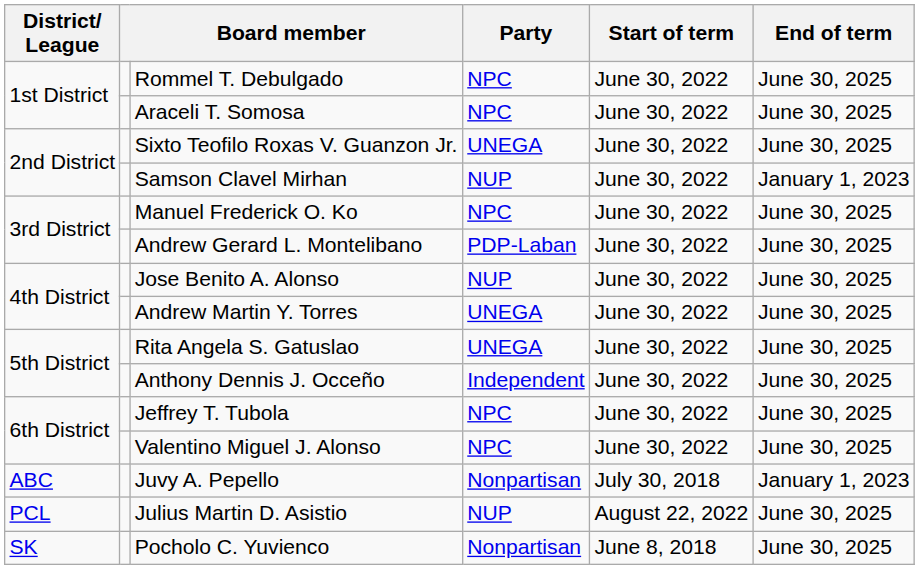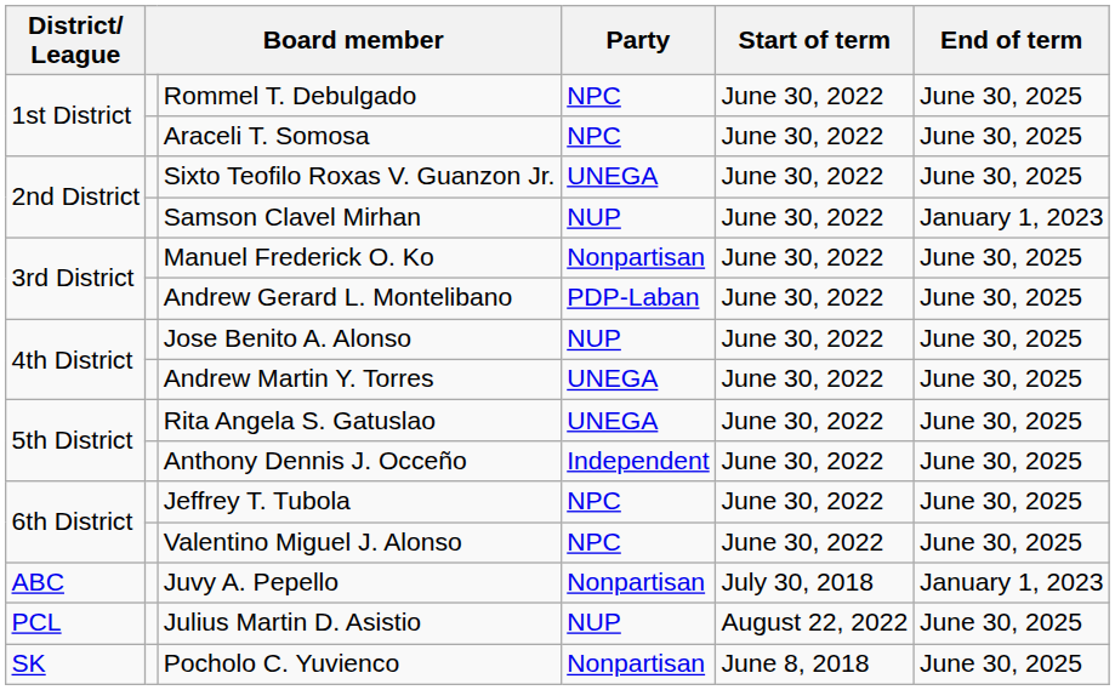 <table class="wikitable">
 <tr>
 <th>District/<br>League</th>
 <th colspan="2">Board member</th>
 <th>Party</th>
 <th>Start of term</th>
 <th>End of term</th>
 </tr>
 <tr>
 <td rowspan="2">1st District</td>
 <td></td>
 <td>Rommel T. Debulgado</td>
 <td><a href='#'>NPC</a></td>
 <td>June 30, 2022</td>
 <td>June 30, 2025</td>
 </tr>
 <tr>
 <td></td>
 <td>Araceli T. Somosa</td>
 <td><a href='#'>NPC</a></td>
 <td>June 30, 2022</td>
 <td>June 30, 2025</td>
 </tr>
 <tr>
 <td rowspan="2">2nd District</td>
 <td></td>
 <td>Sixto Teofilo Roxas V. Guanzon Jr.</td>
 <td><a href='#'>UNEGA</a></td>
 <td>June 30, 2022</td>
 <td>June 30, 2025</td>
 </tr>
 <tr>
 <td></td>
 <td>Samson Clavel Mirhan</td>
 <td><a href='#'>NUP</a></td>
 <td>June 30, 2022</td>
 <td>January 1, 2023</td>
 </tr>
 <tr>
 <td rowspan="2">3rd District</td>
 <td></td>
 <td>Manuel Frederick O. Ko</td>
-<td><a href='#'>NPC</a></td>
+<td><a href='#'>Nonpartisan</a></td>
 <td>June 30, 2022</td>
 <td>June 30, 2025</td>
 </tr>
 <tr>
 <td></td>
 <td>Andrew Gerard L. Montelibano</td>
 <td><a href='#'>PDP-Laban</a></td>
 <td>June 30, 2022</td>
 <td>June 30, 2025</td>
 </tr>
 <tr>
 <td rowspan="2">4th District</td>
 <td></td>
 <td>Jose Benito A. Alonso</td>
 <td><a href='#'>NUP</a></td>
 <td>June 30, 2022</td>
 <td>June 30, 2025</td>
 </tr>
 <tr>
 <td></td>
 <td>Andrew Martin Y. Torres</td>
 <td><a href='#'>UNEGA</a></td>
 <td>June 30, 2022</td>
 <td>June 30, 2025</td>
 </tr>
 <tr>
 <td rowspan="2">5th District</td>
 <td></td>
 <td>Rita Angela S. Gatuslao</td>
 <td><a href='#'>UNEGA</a></td>
 <td>June 30, 2022</td>
 <td>June 30, 2025</td>
 </tr>
 <tr>
 <td></td>
 <td>Anthony Dennis J. Occeño</td>
 <td><a href='#'>Independent</a></td>
 <td>June 30, 2022</td>
 <td>June 30, 2025</td>
 </tr>
 <tr>
 <td rowspan="2">6th District</td>
 <td></td>
 <td>Jeffrey T. Tubola</td>
 <td><a href='#'>NPC</a></td>
 <td>June 30, 2022</td>
 <td>June 30, 2025</td>
 </tr>
 <tr>
 <td></td>
 <td>Valentino Miguel J. Alonso</td>
 <td><a href='#'>NPC</a></td>
 <td>June 30, 2022</td>
 <td>June 30, 2025</td>
 </tr>
 <tr>
 <td><a href='#'>ABC</a></td>
 <td></td>
 <td>Juvy A. Pepello</td>
 <td><a href='#'>Nonpartisan</a></td>
 <td>July 30, 2018</td>
 <td>January 1, 2023</td>
 </tr>
 <tr>
 <td><a href='#'>PCL</a></td>
 <td></td>
 <td>Julius Martin D. Asistio</td>
 <td><a href='#'>NUP</a></td>
 <td>August 22, 2022</td>
 <td>June 30, 2025</td>
 </tr>
 <tr>
 <td><a href='#'>SK</a></td>
 <td></td>
 <td>Pocholo C. Yuvienco</td>
 <td><a href='#'>Nonpartisan</a></td>
 <td>June 8, 2018</td>
 <td>June 30, 2025</td>
 </tr>
 </table>
